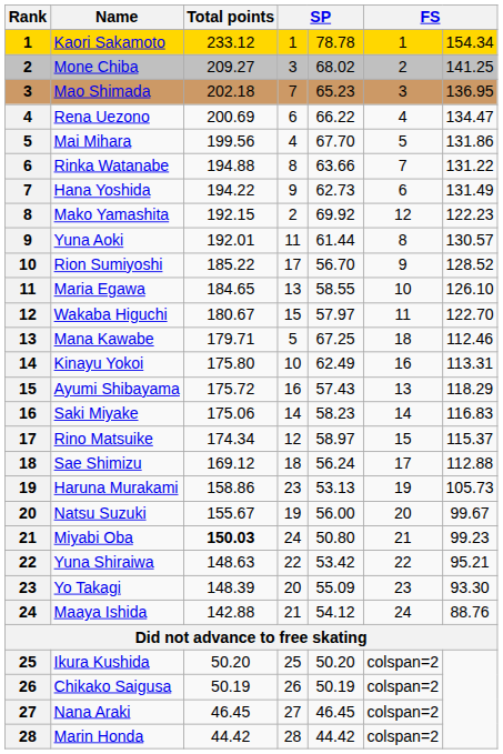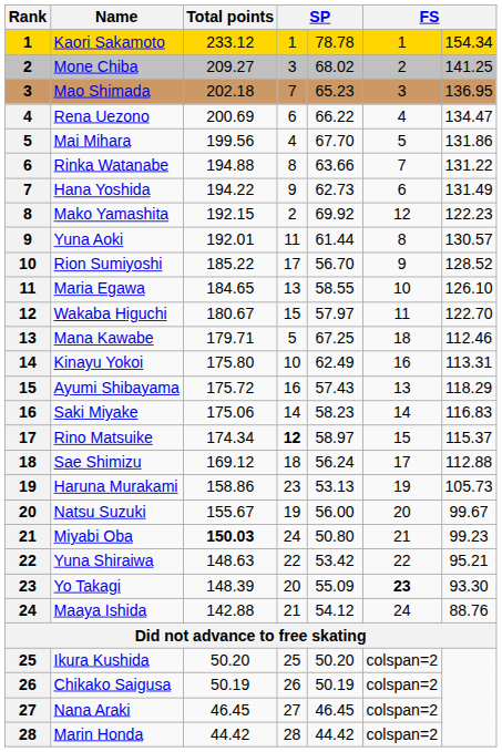 <table class="wikitable sortable">
 <tr>
 <th>Rank</th>
 <th>Name</th>
 <th>Total points</th>
 <th colspan="2" width="80px"><a href='#'>SP</a></th>
 <th colspan="2" width="80px"><a href='#'>FS</a></th>
 </tr>
 <tr bgcolor="gold">
 <td align="center"><strong>1</strong></td>
 <td><a href='#'>Kaori Sakamoto</a></td>
 <td align="center">233.12</td>
 <td align="center">1</td>
 <td align="center">78.78</td>
 <td align="center">1</td>
 <td align="center">154.34</td>
 </tr>
 <tr bgcolor="silver">
 <td align="center"><strong>2</strong></td>
 <td><a href='#'>Mone Chiba</a></td>
 <td align="center">209.27</td>
 <td align="center">3</td>
 <td align="center">68.02</td>
 <td align="center">2</td>
 <td align="center">141.25</td>
 </tr>
 <tr bgcolor="cc9966">
 <td align="center"><strong>3</strong></td>
 <td><a href='#'>Mao Shimada</a></td>
 <td align="center">202.18</td>
 <td align="center">7</td>
 <td align="center">65.23</td>
 <td align="center">3</td>
 <td align="center">136.95</td>
 </tr>
 <tr>
 <th>4</th>
 <td><a href='#'>Rena Uezono</a></td>
 <td align="center">200.69</td>
 <td align="center">6</td>
 <td align="center">66.22</td>
 <td align="center">4</td>
 <td align="center">134.47</td>
 </tr>
 <tr>
 <th>5</th>
 <td><a href='#'>Mai Mihara</a></td>
 <td align="center">199.56</td>
 <td align="center">4</td>
 <td align="center">67.70</td>
 <td align="center">5</td>
 <td align="center">131.86</td>
 </tr>
 <tr>
 <th>6</th>
 <td><a href='#'>Rinka Watanabe</a></td>
 <td align="center">194.88</td>
 <td align="center">8</td>
 <td align="center">63.66</td>
 <td align="center">7</td>
 <td align="center">131.22</td>
 </tr>
 <tr>
 <th>7</th>
 <td><a href='#'>Hana Yoshida</a></td>
 <td align="center">194.22</td>
 <td align="center">9</td>
 <td align="center">62.73</td>
 <td align="center">6</td>
 <td align="center">131.49</td>
 </tr>
 <tr>
 <th>8</th>
 <td><a href='#'>Mako Yamashita</a></td>
 <td align="center">192.15</td>
 <td align="center">2</td>
 <td align="center">69.92</td>
 <td align="center">12</td>
 <td align="center">122.23</td>
 </tr>
 <tr>
 <th>9</th>
 <td><a href='#'>Yuna Aoki</a></td>
 <td align="center">192.01</td>
 <td align="center">11</td>
 <td align="center">61.44</td>
 <td align="center">8</td>
 <td align="center">130.57</td>
 </tr>
 <tr>
 <th>10</th>
 <td><a href='#'>Rion Sumiyoshi</a></td>
 <td align="center">185.22</td>
 <td align="center">17</td>
 <td align="center">56.70</td>
 <td align="center">9</td>
 <td align="center">128.52</td>
 </tr>
 <tr>
 <th>11</th>
 <td><a href='#'>Maria Egawa</a></td>
 <td align="center">184.65</td>
 <td align="center">13</td>
 <td align="center">58.55</td>
 <td align="center">10</td>
 <td align="center">126.10</td>
 </tr>
 <tr>
 <th>12</th>
 <td><a href='#'>Wakaba Higuchi</a></td>
 <td align="center">180.67</td>
 <td align="center">15</td>
 <td align="center">57.97</td>
 <td align="center">11</td>
 <td align="center">122.70</td>
 </tr>
 <tr>
 <th>13</th>
 <td><a href='#'>Mana Kawabe</a></td>
 <td align="center">179.71</td>
 <td align="center">5</td>
 <td align="center">67.25</td>
 <td align="center">18</td>
 <td align="center">112.46</td>
 </tr>
 <tr>
 <th>14</th>
 <td><a href='#'>Kinayu Yokoi</a></td>
 <td align="center">175.80</td>
 <td align="center">10</td>
 <td align="center">62.49</td>
 <td align="center">16</td>
 <td align="center">113.31</td>
 </tr>
 <tr>
 <th>15</th>
 <td><a href='#'>Ayumi Shibayama</a></td>
 <td align="center">175.72</td>
 <td align="center">16</td>
 <td align="center">57.43</td>
 <td align="center">13</td>
 <td align="center">118.29</td>
 </tr>
 <tr>
 <th>16</th>
 <td><a href='#'>Saki Miyake</a></td>
 <td align="center">175.06</td>
 <td align="center">14</td>
 <td align="center">58.23</td>
 <td align="center">14</td>
 <td align="center">116.83</td>
 </tr>
 <tr>
 <th>17</th>
 <td><a href='#'>Rino Matsuike</a></td>
 <td align="center">174.34</td>
-<td align="center">12</td>
+<td align="center"><strong>12</strong></td>
 <td align="center">58.97</td>
 <td align="center">15</td>
 <td align="center">115.37</td>
 </tr>
 <tr>
 <th>18</th>
 <td><a href='#'>Sae Shimizu</a></td>
 <td align="center">169.12</td>
 <td align="center">18</td>
 <td align="center">56.24</td>
 <td align="center">17</td>
 <td align="center">112.88</td>
 </tr>
 <tr>
 <th>19</th>
 <td><a href='#'>Haruna Murakami</a></td>
 <td align="center">158.86</td>
 <td align="center">23</td>
 <td align="center">53.13</td>
 <td align="center">19</td>
 <td align="center">105.73</td>
 </tr>
 <tr>
 <th>20</th>
 <td><a href='#'>Natsu Suzuki</a></td>
 <td align="center">155.67</td>
 <td align="center">19</td>
 <td align="center">56.00</td>
 <td align="center">20</td>
 <td align="center">99.67</td>
 </tr>
 <tr>
 <th>21</th>
 <td><a href='#'>Miyabi Oba</a></td>
 <td align="center"><strong>150.03</strong></td>
 <td align="center">24</td>
 <td align="center">50.80</td>
 <td align="center">21</td>
 <td align="center">99.23</td>
 </tr>
 <tr>
 <th>22</th>
 <td><a href='#'>Yuna Shiraiwa</a></td>
 <td align="center">148.63</td>
 <td align="center">22</td>
 <td align="center">53.42</td>
 <td align="center">22</td>
 <td align="center">95.21</td>
 </tr>
 <tr>
 <th>23</th>
 <td><a href='#'>Yo Takagi</a></td>
 <td align="center">148.39</td>
 <td align="center">20</td>
 <td align="center">55.09</td>
-<td align="center">23</td>
+<td align="center"><strong>23</strong></td>
 <td align="center">93.30</td>
 </tr>
 <tr>
 <th>24</th>
 <td><a href='#'>Maaya Ishida</a></td>
 <td align="center">142.88</td>
 <td align="center">21</td>
 <td align="center">54.12</td>
 <td align="center">24</td>
 <td align="center">88.76</td>
 </tr>
 <tr>
 <th colspan=8>Did not advance to free skating</th>
 </tr>
 <tr>
 <th>25</th>
 <td><a href='#'>Ikura Kushida</a></td>
 <td align="center">50.20</td>
 <td align="center">25</td>
 <td align="center">50.20</td>
 <td>colspan=2 </td>
 </tr>
 <tr>
 <th>26</th>
 <td><a href='#'>Chikako Saigusa</a></td>
 <td align="center">50.19</td>
 <td align="center">26</td>
 <td align="center">50.19</td>
 <td>colspan=2 </td>
 </tr>
 <tr>
 <th>27</th>
 <td><a href='#'>Nana Araki</a></td>
 <td align="center">46.45</td>
 <td align="center">27</td>
 <td align="center">46.45</td>
 <td>colspan=2 </td>
 </tr>
 <tr>
 <th>28</th>
 <td><a href='#'>Marin Honda</a></td>
 <td align="center">44.42</td>
 <td align="center">28</td>
 <td align="center">44.42</td>
 <td>colspan=2 </td>
 </tr>
 </table>
